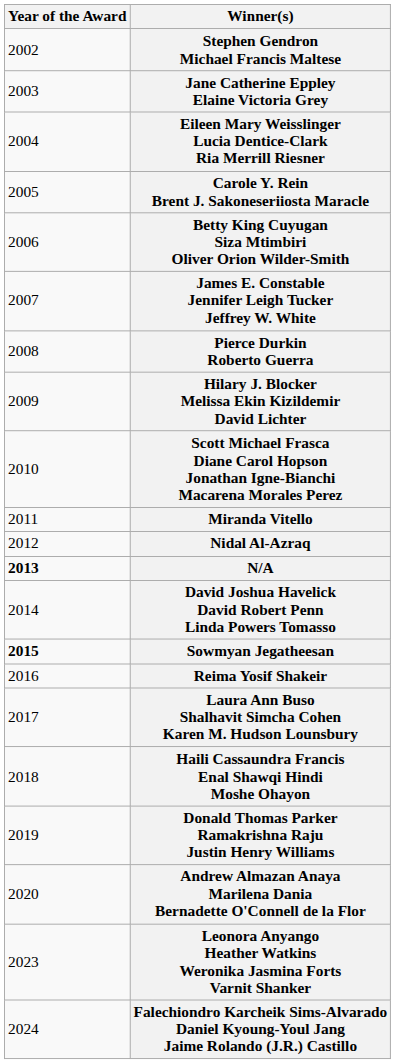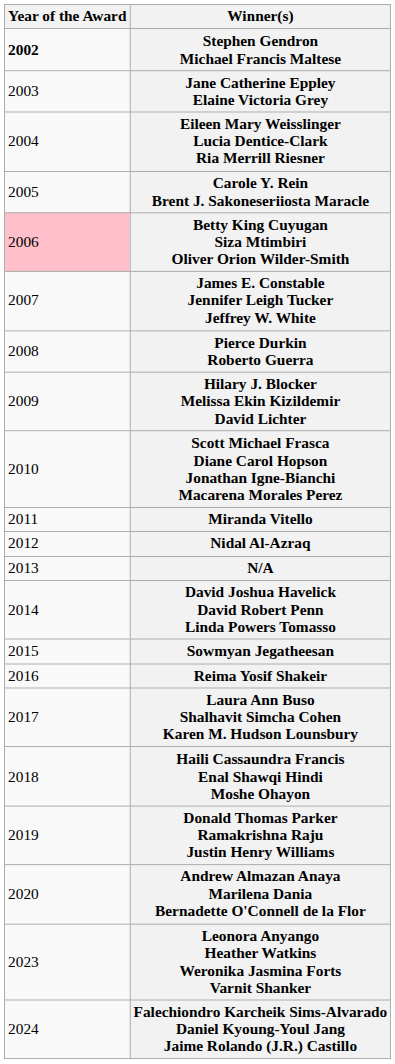 <table class="wikitable sortable mw-collapsible">
 <tr>
 <th>Year of the Award</th>
 <th>Winner(s)</th>
 </tr>
 <tr>
-<td>2002</td>
+<td><strong>2002</strong></td>
 <th>Stephen Gendron<br>Michael Francis Maltese</th>
 </tr>
 <tr>
 <td>2003</td>
 <th>Jane Catherine Eppley<br>Elaine Victoria Grey</th>
 </tr>
 <tr>
 <td>2004</td>
 <th>Eileen Mary Weisslinger<br>Lucia Dentice-Clark<br>Ria Merrill Riesner</th>
 </tr>
 <tr>
 <td>2005</td>
 <th>Carole Y. Rein<br>Brent J. Sakoneseriiosta Maracle</th>
 </tr>
 <tr>
-<td>2006</td>
+<td style="background: pink;">2006</td>
 <th>Betty King Cuyugan<br>Siza Mtimbiri<br>Oliver Orion Wilder-Smith</th>
 </tr>
 <tr>
 <td>2007</td>
 <th>James E. Constable<br>Jennifer Leigh Tucker<br>Jeffrey W. White</th>
 </tr>
 <tr>
 <td>2008</td>
 <th>Pierce Durkin<br>Roberto Guerra</th>
 </tr>
 <tr>
 <td>2009</td>
 <th>Hilary J. Blocker<br>Melissa Ekin Kizildemir<br>David Lichter</th>
 </tr>
 <tr>
 <td>2010</td>
 <th>Scott Michael Frasca<br>Diane Carol Hopson<br>Jonathan Igne-Bianchi<br>Macarena Morales Perez</th>
 </tr>
 <tr>
 <td>2011</td>
 <th>Miranda Vitello</th>
 </tr>
 <tr>
 <td>2012</td>
 <th>Nidal Al-Azraq</th>
 </tr>
 <tr>
-<td><strong>2013</strong></td>
+<td>2013</td>
 <th>N/A</th>
 </tr>
 <tr>
 <td>2014</td>
 <th>David Joshua Havelick<br>David Robert Penn<br>Linda Powers Tomasso</th>
 </tr>
 <tr>
-<td><strong>2015</strong></td>
+<td>2015</td>
 <th>Sowmyan Jegatheesan</th>
 </tr>
 <tr>
 <td>2016</td>
 <th>Reima Yosif Shakeir</th>
 </tr>
 <tr>
 <td>2017</td>
 <th>Laura Ann Buso<br>Shalhavit Simcha Cohen<br>Karen M. Hudson Lounsbury</th>
 </tr>
 <tr>
 <td>2018</td>
 <th>Haili Cassaundra Francis<br>Enal Shawqi Hindi<br>Moshe Ohayon</th>
 </tr>
 <tr>
 <td>2019</td>
 <th>Donald Thomas Parker<br>Ramakrishna Raju<br>Justin Henry Williams</th>
 </tr>
 <tr>
 <td>2020</td>
 <th>Andrew Almazan Anaya<br>Marilena Dania<br>Bernadette O'Connell de la Flor</th>
 </tr>
 <tr>
 <td>2023</td>
 <th>Leonora Anyango<br>Heather Watkins<br>Weronika Jasmina Forts<br>Varnit Shanker</th>
 </tr>
 <tr>
 <td>2024</td>
 <th>Falechiondro Karcheik Sims-Alvarado<br>Daniel Kyoung-Youl Jang<br>Jaime Rolando (J.R.) Castillo</th>
 </tr>
 </table>
